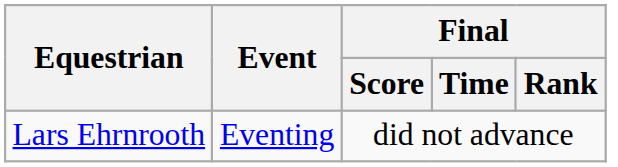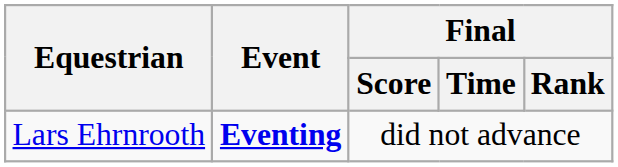 <table class=wikitable style="font-size:90%">
 <tr>
 <th rowspan=2>Equestrian</th>
 <th rowspan=2>Event</th>
 <th colspan=3>Final</th>
 </tr>
 <tr>
 <th>Score</th>
 <th>Time</th>
 <th>Rank</th>
 </tr>
 <tr>
 <td><a href='#'>Lars Ehrnrooth</a></td>
-<td><a href='#'>Eventing</a></td>
+<td><strong><a href='#'>Eventing</a></strong></td>
 <td align=center colspan=3>did not advance</td>
 </tr>
 </table>
